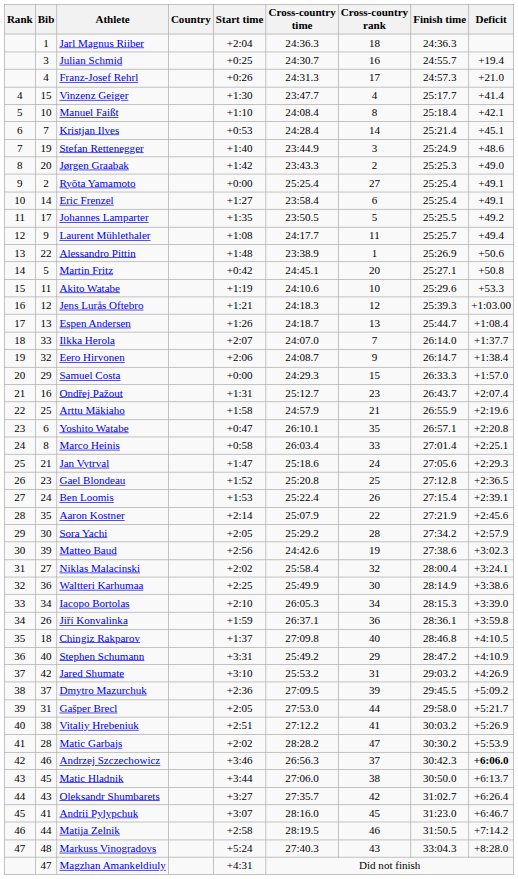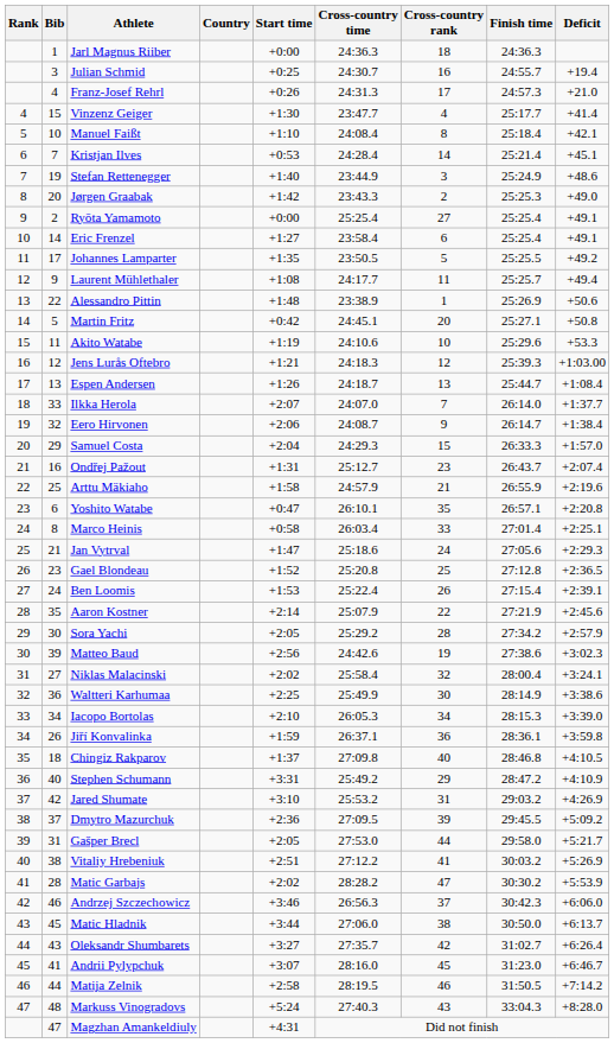 <table class="wikitable sortable" style="text-align:center">
 <tr>
 <th>Rank</th>
 <th>Bib</th>
 <th>Athlete</th>
 <th>Country</th>
 <th>Start time</th>
 <th>Cross-country<br>time</th>
 <th>Cross-country<br>rank</th>
 <th>Finish time</th>
 <th>Deficit</th>
 </tr>
 <tr>
 <td></td>
 <td>1</td>
 <td align=left><a href='#'>Jarl Magnus Riiber</a></td>
 <td align=left></td>
-<td>+2:04</td>
+<td>+0:00</td>
 <td>24:36.3</td>
 <td>18</td>
 <td>24:36.3</td>
 <td></td>
 </tr>
 <tr>
 <td></td>
 <td>3</td>
 <td align=left><a href='#'>Julian Schmid</a></td>
 <td align=left></td>
 <td>+0:25</td>
 <td>24:30.7</td>
 <td>16</td>
 <td>24:55.7</td>
 <td>+19.4</td>
 </tr>
 <tr>
 <td></td>
 <td>4</td>
 <td align=left><a href='#'>Franz-Josef Rehrl</a></td>
 <td align=left></td>
 <td>+0:26</td>
 <td>24:31.3</td>
 <td>17</td>
 <td>24:57.3</td>
 <td>+21.0</td>
 </tr>
 <tr>
 <td>4</td>
 <td>15</td>
 <td align=left><a href='#'>Vinzenz Geiger</a></td>
 <td align=left></td>
 <td>+1:30</td>
 <td>23:47.7</td>
 <td>4</td>
 <td>25:17.7</td>
 <td>+41.4</td>
 </tr>
 <tr>
 <td>5</td>
 <td>10</td>
 <td align=left><a href='#'>Manuel Faißt</a></td>
 <td align=left></td>
 <td>+1:10</td>
 <td>24:08.4</td>
 <td>8</td>
 <td>25:18.4</td>
 <td>+42.1</td>
 </tr>
 <tr>
 <td>6</td>
 <td>7</td>
 <td align=left><a href='#'>Kristjan Ilves</a></td>
 <td align=left></td>
 <td>+0:53</td>
 <td>24:28.4</td>
 <td>14</td>
 <td>25:21.4</td>
 <td>+45.1</td>
 </tr>
 <tr>
 <td>7</td>
 <td>19</td>
 <td align=left><a href='#'>Stefan Rettenegger</a></td>
 <td align=left></td>
 <td>+1:40</td>
 <td>23:44.9</td>
 <td>3</td>
 <td>25:24.9</td>
 <td>+48.6</td>
 </tr>
 <tr>
 <td>8</td>
 <td>20</td>
 <td align=left><a href='#'>Jørgen Graabak</a></td>
 <td align=left></td>
 <td>+1:42</td>
 <td>23:43.3</td>
 <td>2</td>
 <td>25:25.3</td>
 <td>+49.0</td>
 </tr>
 <tr>
 <td>9</td>
 <td>2</td>
 <td align=left><a href='#'>Ryōta Yamamoto</a></td>
 <td align=left></td>
 <td>+0:00</td>
 <td>25:25.4</td>
 <td>27</td>
 <td>25:25.4</td>
 <td>+49.1</td>
 </tr>
 <tr>
 <td>10</td>
 <td>14</td>
 <td align=left><a href='#'>Eric Frenzel</a></td>
 <td align=left></td>
 <td>+1:27</td>
 <td>23:58.4</td>
 <td>6</td>
 <td>25:25.4</td>
 <td>+49.1</td>
 </tr>
 <tr>
 <td>11</td>
 <td>17</td>
 <td align=left><a href='#'>Johannes Lamparter</a></td>
 <td align=left></td>
 <td>+1:35</td>
 <td>23:50.5</td>
 <td>5</td>
 <td>25:25.5</td>
 <td>+49.2</td>
 </tr>
 <tr>
 <td>12</td>
 <td>9</td>
 <td align=left><a href='#'>Laurent Mühlethaler</a></td>
 <td align=left></td>
 <td>+1:08</td>
 <td>24:17.7</td>
 <td>11</td>
 <td>25:25.7</td>
 <td>+49.4</td>
 </tr>
 <tr>
 <td>13</td>
 <td>22</td>
 <td align=left><a href='#'>Alessandro Pittin</a></td>
 <td align=left></td>
 <td>+1:48</td>
 <td>23:38.9</td>
 <td>1</td>
 <td>25:26.9</td>
 <td>+50.6</td>
 </tr>
 <tr>
 <td>14</td>
 <td>5</td>
 <td align=left><a href='#'>Martin Fritz</a></td>
 <td align=left></td>
 <td>+0:42</td>
 <td>24:45.1</td>
 <td>20</td>
 <td>25:27.1</td>
 <td>+50.8</td>
 </tr>
 <tr>
 <td>15</td>
 <td>11</td>
 <td align=left><a href='#'>Akito Watabe</a></td>
 <td align=left></td>
 <td>+1:19</td>
 <td>24:10.6</td>
 <td>10</td>
 <td>25:29.6</td>
 <td>+53.3</td>
 </tr>
 <tr>
 <td>16</td>
 <td>12</td>
 <td align=left><a href='#'>Jens Lurås Oftebro</a></td>
 <td align=left></td>
 <td>+1:21</td>
 <td>24:18.3</td>
 <td>12</td>
 <td>25:39.3</td>
 <td>+1:03.00</td>
 </tr>
 <tr>
 <td>17</td>
 <td>13</td>
 <td align=left><a href='#'>Espen Andersen</a></td>
 <td align=left></td>
 <td>+1:26</td>
 <td>24:18.7</td>
 <td>13</td>
 <td>25:44.7</td>
 <td>+1:08.4</td>
 </tr>
 <tr>
 <td>18</td>
 <td>33</td>
 <td align=left><a href='#'>Ilkka Herola</a></td>
 <td align=left></td>
 <td>+2:07</td>
 <td>24:07.0</td>
 <td>7</td>
 <td>26:14.0</td>
 <td>+1:37.7</td>
 </tr>
 <tr>
 <td>19</td>
 <td>32</td>
 <td align=left><a href='#'>Eero Hirvonen</a></td>
 <td align=left></td>
 <td>+2:06</td>
 <td>24:08.7</td>
 <td>9</td>
 <td>26:14.7</td>
 <td>+1:38.4</td>
 </tr>
 <tr>
 <td>20</td>
 <td>29</td>
 <td align=left><a href='#'>Samuel Costa</a></td>
 <td align=left></td>
-<td>+0:00</td>
+<td>+2:04</td>
 <td>24:29.3</td>
 <td>15</td>
 <td>26:33.3</td>
 <td>+1:57.0</td>
 </tr>
 <tr>
 <td>21</td>
 <td>16</td>
 <td align=left><a href='#'>Ondřej Pažout</a></td>
 <td align=left></td>
 <td>+1:31</td>
 <td>25:12.7</td>
 <td>23</td>
 <td>26:43.7</td>
 <td>+2:07.4</td>
 </tr>
 <tr>
 <td>22</td>
 <td>25</td>
 <td align=left><a href='#'>Arttu Mäkiaho</a></td>
 <td align=left></td>
 <td>+1:58</td>
 <td>24:57.9</td>
 <td>21</td>
 <td>26:55.9</td>
 <td>+2:19.6</td>
 </tr>
 <tr>
 <td>23</td>
 <td>6</td>
 <td align=left><a href='#'>Yoshito Watabe</a></td>
 <td align=left></td>
 <td>+0:47</td>
 <td>26:10.1</td>
 <td>35</td>
 <td>26:57.1</td>
 <td>+2:20.8</td>
 </tr>
 <tr>
 <td>24</td>
 <td>8</td>
 <td align=left><a href='#'>Marco Heinis</a></td>
 <td align=left></td>
 <td>+0:58</td>
 <td>26:03.4</td>
 <td>33</td>
 <td>27:01.4</td>
 <td>+2:25.1</td>
 </tr>
 <tr>
 <td>25</td>
 <td>21</td>
 <td align=left><a href='#'>Jan Vytrval</a></td>
 <td align=left></td>
 <td>+1:47</td>
 <td>25:18.6</td>
 <td>24</td>
 <td>27:05.6</td>
 <td>+2:29.3</td>
 </tr>
 <tr>
 <td>26</td>
 <td>23</td>
 <td align=left><a href='#'>Gael Blondeau</a></td>
 <td align=left></td>
 <td>+1:52</td>
 <td>25:20.8</td>
 <td>25</td>
 <td>27:12.8</td>
 <td>+2:36.5</td>
 </tr>
 <tr>
 <td>27</td>
 <td>24</td>
 <td align=left><a href='#'>Ben Loomis</a></td>
 <td align=left></td>
 <td>+1:53</td>
 <td>25:22.4</td>
 <td>26</td>
 <td>27:15.4</td>
 <td>+2:39.1</td>
 </tr>
 <tr>
 <td>28</td>
 <td>35</td>
 <td align=left><a href='#'>Aaron Kostner</a></td>
 <td align=left></td>
 <td>+2:14</td>
 <td>25:07.9</td>
 <td>22</td>
 <td>27:21.9</td>
 <td>+2:45.6</td>
 </tr>
 <tr>
 <td>29</td>
 <td>30</td>
 <td align=left><a href='#'>Sora Yachi</a></td>
 <td align=left></td>
 <td>+2:05</td>
 <td>25:29.2</td>
 <td>28</td>
 <td>27:34.2</td>
 <td>+2:57.9</td>
 </tr>
 <tr>
 <td>30</td>
 <td>39</td>
 <td align=left><a href='#'>Matteo Baud</a></td>
 <td align=left></td>
 <td>+2:56</td>
 <td>24:42.6</td>
 <td>19</td>
 <td>27:38.6</td>
 <td>+3:02.3</td>
 </tr>
 <tr>
 <td>31</td>
 <td>27</td>
 <td align=left><a href='#'>Niklas Malacinski</a></td>
 <td align=left></td>
 <td>+2:02</td>
 <td>25:58.4</td>
 <td>32</td>
 <td>28:00.4</td>
 <td>+3:24.1</td>
 </tr>
 <tr>
 <td>32</td>
 <td>36</td>
 <td align=left><a href='#'>Waltteri Karhumaa</a></td>
 <td align=left></td>
 <td>+2:25</td>
 <td>25:49.9</td>
 <td>30</td>
 <td>28:14.9</td>
 <td>+3:38.6</td>
 </tr>
 <tr>
 <td>33</td>
 <td>34</td>
 <td align=left><a href='#'>Iacopo Bortolas</a></td>
 <td align=left></td>
 <td>+2:10</td>
 <td>26:05.3</td>
 <td>34</td>
 <td>28:15.3</td>
 <td>+3:39.0</td>
 </tr>
 <tr>
 <td>34</td>
 <td>26</td>
 <td align=left><a href='#'>Jiří Konvalinka</a></td>
 <td align=left></td>
 <td>+1:59</td>
 <td>26:37.1</td>
 <td>36</td>
 <td>28:36.1</td>
 <td>+3:59.8</td>
 </tr>
 <tr>
 <td>35</td>
 <td>18</td>
 <td align=left><a href='#'>Chingiz Rakparov</a></td>
 <td align=left></td>
 <td>+1:37</td>
 <td>27:09.8</td>
 <td>40</td>
 <td>28:46.8</td>
 <td>+4:10.5</td>
 </tr>
 <tr>
 <td>36</td>
 <td>40</td>
 <td align=left><a href='#'>Stephen Schumann</a></td>
 <td align=left></td>
 <td>+3:31</td>
 <td>25:49.2</td>
 <td>29</td>
 <td>28:47.2</td>
 <td>+4:10.9</td>
 </tr>
 <tr>
 <td>37</td>
 <td>42</td>
 <td align=left><a href='#'>Jared Shumate</a></td>
 <td align=left></td>
 <td>+3:10</td>
 <td>25:53.2</td>
 <td>31</td>
 <td>29:03.2</td>
 <td>+4:26.9</td>
 </tr>
 <tr>
 <td>38</td>
 <td>37</td>
 <td align=left><a href='#'>Dmytro Mazurchuk</a></td>
 <td align=left></td>
 <td>+2:36</td>
 <td>27:09.5</td>
 <td>39</td>
 <td>29:45.5</td>
 <td>+5:09.2</td>
 </tr>
 <tr>
 <td>39</td>
 <td>31</td>
 <td align=left><a href='#'>Gašper Brecl</a></td>
 <td align=left></td>
 <td>+2:05</td>
 <td>27:53.0</td>
 <td>44</td>
 <td>29:58.0</td>
 <td>+5:21.7</td>
 </tr>
 <tr>
 <td>40</td>
 <td>38</td>
 <td align=left><a href='#'>Vitaliy Hrebeniuk</a></td>
 <td align=left></td>
 <td>+2:51</td>
 <td>27:12.2</td>
 <td>41</td>
 <td>30:03.2</td>
 <td>+5:26.9</td>
 </tr>
 <tr>
 <td>41</td>
 <td>28</td>
 <td align=left><a href='#'>Matic Garbajs</a></td>
 <td align=left></td>
 <td>+2:02</td>
 <td>28:28.2</td>
 <td>47</td>
 <td>30:30.2</td>
 <td>+5:53.9</td>
 </tr>
 <tr>
 <td>42</td>
 <td>46</td>
 <td align=left><a href='#'>Andrzej Szczechowicz</a></td>
 <td align=left></td>
 <td>+3:46</td>
 <td>26:56.3</td>
 <td>37</td>
 <td>30:42.3</td>
-<td><strong>+6:06.0</strong></td>
+<td>+6:06.0</td>
 </tr>
 <tr>
 <td>43</td>
 <td>45</td>
 <td align=left><a href='#'>Matic Hladnik</a></td>
 <td align=left></td>
 <td>+3:44</td>
 <td>27:06.0</td>
 <td>38</td>
 <td>30:50.0</td>
 <td>+6:13.7</td>
 </tr>
 <tr>
 <td>44</td>
 <td>43</td>
 <td align=left><a href='#'>Oleksandr Shumbarets</a></td>
 <td align=left></td>
 <td>+3:27</td>
 <td>27:35.7</td>
 <td>42</td>
 <td>31:02.7</td>
 <td>+6:26.4</td>
 </tr>
 <tr>
 <td>45</td>
 <td>41</td>
 <td align=left><a href='#'>Andrii Pylypchuk</a></td>
 <td align=left></td>
 <td>+3:07</td>
 <td>28:16.0</td>
 <td>45</td>
 <td>31:23.0</td>
 <td>+6:46.7</td>
 </tr>
 <tr>
 <td>46</td>
 <td>44</td>
 <td align=left><a href='#'>Matija Zelnik</a></td>
 <td align=left></td>
 <td>+2:58</td>
 <td>28:19.5</td>
 <td>46</td>
 <td>31:50.5</td>
 <td>+7:14.2</td>
 </tr>
 <tr>
 <td>47</td>
 <td>48</td>
 <td align=left><a href='#'>Markuss Vinogradovs</a></td>
 <td align=left></td>
 <td>+5:24</td>
 <td>27:40.3</td>
 <td>43</td>
 <td>33:04.3</td>
 <td>+8:28.0</td>
 </tr>
 <tr>
 <td></td>
 <td>47</td>
 <td align=left><a href='#'>Magzhan Amankeldiuly</a></td>
 <td align=left></td>
 <td>+4:31</td>
 <td colspan=4>Did not finish</td>
 </tr>
 </table>
